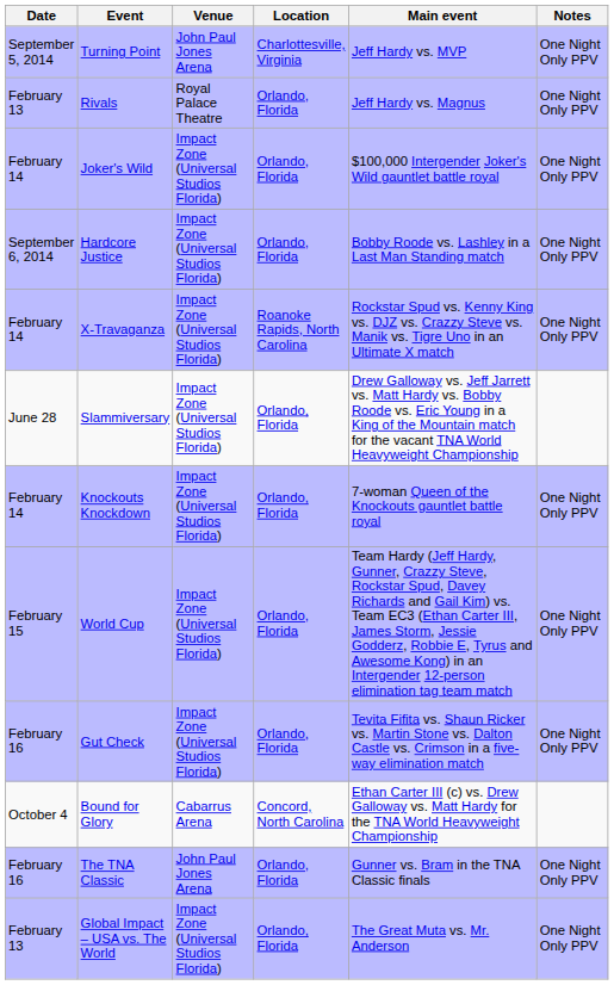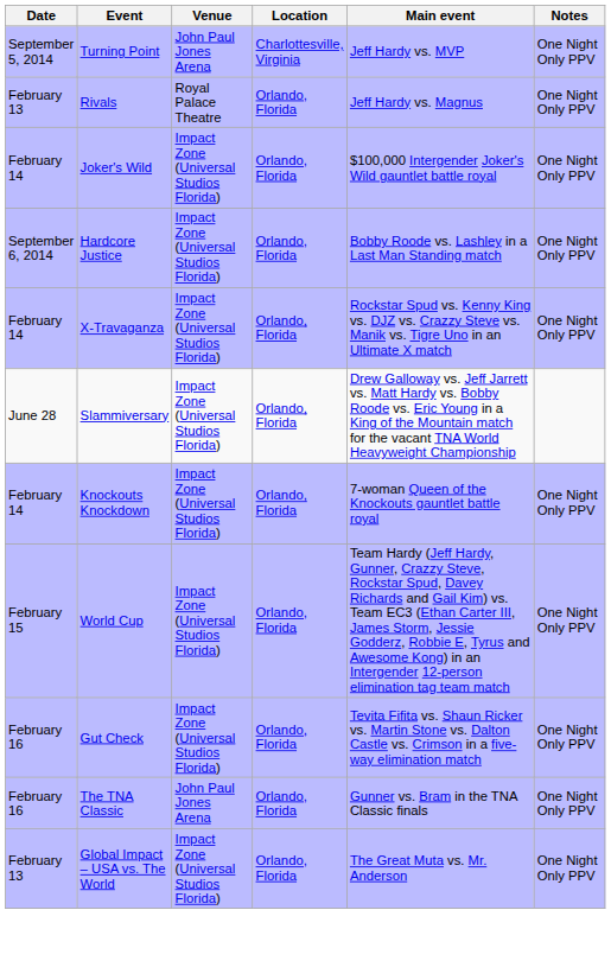 <table class="sortable wikitable succession-box" style="font-size:85%;">
 <tr>
 <th width=9%>Date</th>
 <th width="14%">Event</th>
 <th width=14%>Venue</th>
 <th width=14%>Location</th>
 <th width=35%>Main event</th>
 <th width=13%>Notes</th>
 </tr>
 <tr style="background: #BBF">
 <td>September 5, 2014<br></td>
 <td><a href='#'>Turning Point</a></td>
 <td><a href='#'>John Paul Jones Arena</a></td>
 <td><a href='#'>Charlottesville, Virginia</a></td>
 <td><a href='#'>Jeff Hardy</a> vs. <a href='#'>MVP</a></td>
 <td>One Night Only PPV</td>
 </tr>
 <tr style="background: #BBF">
 <td>February 13<br></td>
 <td><a href='#'>Rivals</a></td>
 <td>Royal Palace Theatre</td>
 <td><a href='#'>Orlando, Florida</a></td>
 <td><a href='#'>Jeff Hardy</a> vs. <a href='#'>Magnus</a></td>
 <td>One Night Only PPV</td>
 </tr>
 <tr style="background: #BBF">
 <td>February 14<br></td>
 <td><a href='#'>Joker's Wild</a></td>
 <td><a href='#'>Impact Zone</a> (<a href='#'>Universal Studios Florida</a>)</td>
 <td><a href='#'>Orlando, Florida</a></td>
 <td>$100,000 <a href='#'>Intergender</a> <a href='#'>Joker's Wild gauntlet battle royal</a></td>
 <td>One Night Only PPV</td>
 </tr>
 <tr style="background: #BBF">
 <td>September 6, 2014<br></td>
 <td><a href='#'>Hardcore Justice</a></td>
 <td><a href='#'>Impact Zone</a> (<a href='#'>Universal Studios Florida</a>)</td>
 <td><a href='#'>Orlando, Florida</a></td>
 <td><a href='#'>Bobby Roode</a> vs. <a href='#'>Lashley</a> in a <a href='#'>Last Man Standing match</a></td>
 <td>One Night Only PPV</td>
 </tr>
 <tr style="background: #BBF">
 <td>February 14<br></td>
 <td><a href='#'>X-Travaganza</a></td>
 <td><a href='#'>Impact Zone</a> (<a href='#'>Universal Studios Florida</a>)</td>
-<td><a href='#'>Roanoke Rapids, North Carolina</a></td>
+<td><a href='#'>Orlando, Florida</a></td>
 <td><a href='#'>Rockstar Spud</a> vs. <a href='#'>Kenny King</a> vs. <a href='#'>DJZ</a> vs. <a href='#'>Crazzy Steve</a> vs. <a href='#'>Manik</a> vs. <a href='#'>Tigre Uno</a> in an <a href='#'>Ultimate X match</a></td>
 <td>One Night Only PPV</td>
 </tr>
 <tr>
 <td>June 28</td>
 <td><a href='#'>Slammiversary</a></td>
 <td><a href='#'>Impact Zone</a> (<a href='#'>Universal Studios Florida</a>)</td>
 <td><a href='#'>Orlando, Florida</a></td>
 <td><a href='#'>Drew Galloway</a> vs. <a href='#'>Jeff Jarrett</a> vs. <a href='#'>Matt Hardy</a> vs. <a href='#'>Bobby Roode</a> vs. <a href='#'>Eric Young</a> in a <a href='#'>King of the Mountain match</a> for the vacant <a href='#'>TNA World Heavyweight Championship</a></td>
 <td></td>
 </tr>
 <tr style="background: #BBF">
 <td>February 14<br></td>
 <td><a href='#'>Knockouts Knockdown</a></td>
 <td><a href='#'>Impact Zone</a> (<a href='#'>Universal Studios Florida</a>)</td>
 <td><a href='#'>Orlando, Florida</a></td>
 <td>7-woman <a href='#'>Queen of the Knockouts gauntlet battle royal</a></td>
 <td>One Night Only PPV</td>
 </tr>
 <tr style="background: #BBF">
 <td>February 15<br></td>
 <td><a href='#'>World Cup</a></td>
 <td><a href='#'>Impact Zone</a> (<a href='#'>Universal Studios Florida</a>)</td>
 <td><a href='#'>Orlando, Florida</a></td>
 <td>Team Hardy (<a href='#'>Jeff Hardy</a>, <a href='#'>Gunner</a>, <a href='#'>Crazzy Steve</a>, <a href='#'>Rockstar Spud</a>, <a href='#'>Davey Richards</a> and <a href='#'>Gail Kim</a>) vs. Team EC3 (<a href='#'>Ethan Carter III</a>, <a href='#'>James Storm</a>, <a href='#'>Jessie Godderz</a>, <a href='#'>Robbie E</a>, <a href='#'>Tyrus</a> and <a href='#'>Awesome Kong</a>) in an <a href='#'>Intergender</a> <a href='#'>12-person elimination tag team match</a></td>
 <td>One Night Only PPV</td>
 </tr>
 <tr style="background: #BBF">
 <td>February 16<br></td>
 <td><a href='#'>Gut Check</a></td>
 <td><a href='#'>Impact Zone</a> (<a href='#'>Universal Studios Florida</a>)</td>
 <td><a href='#'>Orlando, Florida</a></td>
 <td><a href='#'>Tevita Fifita</a> vs. <a href='#'>Shaun Ricker</a> vs. <a href='#'>Martin Stone</a> vs. <a href='#'>Dalton Castle</a> vs. <a href='#'>Crimson</a> in a <a href='#'>five-way elimination match</a></td>
 <td>One Night Only PPV</td>
 </tr>
-<tr>
-<td>October 4</td>
-<td><a href='#'>Bound for Glory</a></td>
-<td><a href='#'>Cabarrus Arena</a></td>
-<td><a href='#'>Concord, North Carolina</a></td>
-<td><a href='#'>Ethan Carter III</a> (c) vs. <a href='#'>Drew Galloway</a> vs. <a href='#'>Matt Hardy</a> for the <a href='#'>TNA World Heavyweight Championship</a></td>
-<td></td>
-</tr>
 <tr style="background: #BBF">
 <td>February 16<br></td>
 <td><a href='#'>The TNA Classic</a></td>
 <td><a href='#'>John Paul Jones Arena</a></td>
 <td><a href='#'>Orlando, Florida</a></td>
 <td><a href='#'>Gunner</a> vs. <a href='#'>Bram</a> in the TNA Classic finals</td>
 <td>One Night Only PPV</td>
 </tr>
 <tr style="background: #BBF">
 <td>February 13<br></td>
 <td><a href='#'>Global Impact – USA vs. The World</a></td>
 <td><a href='#'>Impact Zone</a> (<a href='#'>Universal Studios Florida</a>)</td>
 <td><a href='#'>Orlando, Florida</a></td>
 <td><a href='#'>The Great Muta</a> vs. <a href='#'>Mr. Anderson</a></td>
 <td>One Night Only PPV</td>
 </tr>
 </table>
